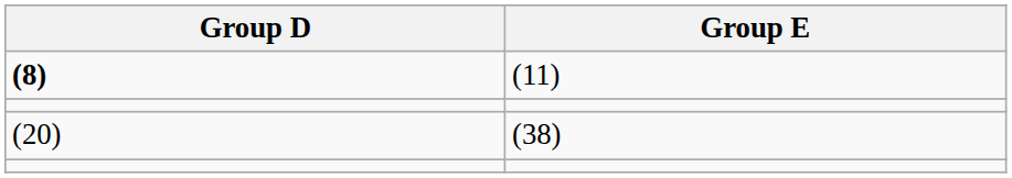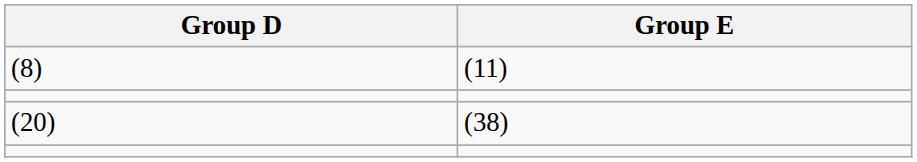 <table class="wikitable" width=43%>
 <tr>
 <th width=50%>Group D</th>
 <th width=50%>Group E</th>
 </tr>
 <tr>
-<td><strong> (8)</strong></td>
+<td> (8)</td>
 <td> (11)</td>
 </tr>
 <tr>
 <td></td>
 <td></td>
 </tr>
 <tr>
 <td> (20)</td>
 <td> (38)</td>
 </tr>
 <tr>
 <td></td>
 <td></td>
 </tr>
 </table>
